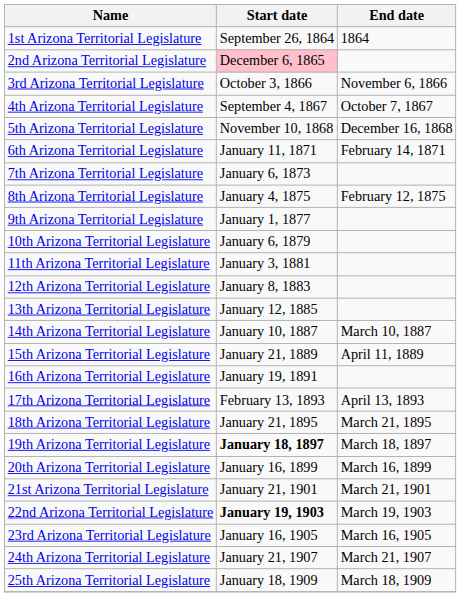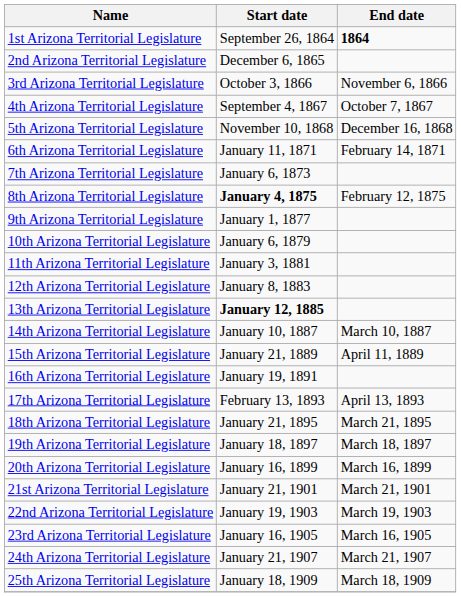 <table class="wikitable mw-datatable sticky-header">
 <tr>
 <th>Name</th>
 <th>Start date</th>
 <th>End date</th>
 </tr>
 <tr>
 <td><a href='#'>1st Arizona Territorial Legislature</a></td>
 <td>September 26, 1864</td>
-<td>1864</td>
+<td><strong>1864</strong></td>
 </tr>
 <tr>
 <td><a href='#'>2nd Arizona Territorial Legislature</a></td>
-<td style="background: pink;">December 6, 1865</td>
+<td>December 6, 1865</td>
 <td></td>
 </tr>
 <tr>
 <td><a href='#'>3rd Arizona Territorial Legislature</a></td>
 <td>October 3, 1866</td>
 <td>November 6, 1866</td>
 </tr>
 <tr>
 <td><a href='#'>4th Arizona Territorial Legislature</a></td>
 <td>September 4, 1867</td>
 <td>October 7, 1867</td>
 </tr>
 <tr>
 <td><a href='#'>5th Arizona Territorial Legislature</a></td>
 <td>November 10, 1868</td>
 <td>December 16, 1868</td>
 </tr>
 <tr>
 <td><a href='#'>6th Arizona Territorial Legislature</a></td>
 <td>January 11, 1871</td>
 <td>February 14, 1871</td>
 </tr>
 <tr>
 <td><a href='#'>7th Arizona Territorial Legislature</a></td>
 <td>January 6, 1873</td>
 <td></td>
 </tr>
 <tr>
 <td><a href='#'>8th Arizona Territorial Legislature</a></td>
-<td>January 4, 1875</td>
+<td><strong>January 4, 1875</strong></td>
 <td>February 12, 1875</td>
 </tr>
 <tr>
 <td><a href='#'>9th Arizona Territorial Legislature</a></td>
 <td>January 1, 1877</td>
 <td></td>
 </tr>
 <tr>
 <td><a href='#'>10th Arizona Territorial Legislature</a></td>
 <td>January 6, 1879</td>
 <td></td>
 </tr>
 <tr>
 <td><a href='#'>11th Arizona Territorial Legislature</a></td>
 <td>January 3, 1881</td>
 <td></td>
 </tr>
 <tr>
 <td><a href='#'>12th Arizona Territorial Legislature</a></td>
 <td>January 8, 1883</td>
 <td></td>
 </tr>
 <tr>
 <td><a href='#'>13th Arizona Territorial Legislature</a></td>
-<td>January 12, 1885</td>
+<td><strong>January 12, 1885</strong></td>
 <td></td>
 </tr>
 <tr>
 <td><a href='#'>14th Arizona Territorial Legislature</a></td>
 <td>January 10, 1887</td>
 <td>March 10, 1887</td>
 </tr>
 <tr>
 <td><a href='#'>15th Arizona Territorial Legislature</a></td>
 <td>January 21, 1889</td>
 <td>April 11, 1889</td>
 </tr>
 <tr>
 <td><a href='#'>16th Arizona Territorial Legislature</a></td>
 <td>January 19, 1891</td>
 <td></td>
 </tr>
 <tr>
 <td><a href='#'>17th Arizona Territorial Legislature</a></td>
 <td>February 13, 1893</td>
 <td>April 13, 1893</td>
 </tr>
 <tr>
 <td><a href='#'>18th Arizona Territorial Legislature</a></td>
 <td>January 21, 1895</td>
 <td>March 21, 1895</td>
 </tr>
 <tr>
 <td><a href='#'>19th Arizona Territorial Legislature</a></td>
-<td><strong>January 18, 1897</strong></td>
+<td>January 18, 1897</td>
 <td>March 18, 1897</td>
 </tr>
 <tr>
 <td><a href='#'>20th Arizona Territorial Legislature</a></td>
 <td>January 16, 1899</td>
 <td>March 16, 1899</td>
 </tr>
 <tr>
 <td><a href='#'>21st Arizona Territorial Legislature</a></td>
 <td>January 21, 1901</td>
 <td>March 21, 1901</td>
 </tr>
 <tr>
 <td><a href='#'>22nd Arizona Territorial Legislature</a></td>
-<td><strong>January 19, 1903</strong></td>
+<td>January 19, 1903</td>
 <td>March 19, 1903</td>
 </tr>
 <tr>
 <td><a href='#'>23rd Arizona Territorial Legislature</a></td>
 <td>January 16, 1905</td>
 <td>March 16, 1905</td>
 </tr>
 <tr>
 <td><a href='#'>24th Arizona Territorial Legislature</a></td>
 <td>January 21, 1907</td>
 <td>March 21, 1907</td>
 </tr>
 <tr>
 <td><a href='#'>25th Arizona Territorial Legislature</a></td>
 <td>January 18, 1909</td>
 <td>March 18, 1909</td>
 </tr>
 <tr>
 </tr>
 </table>
